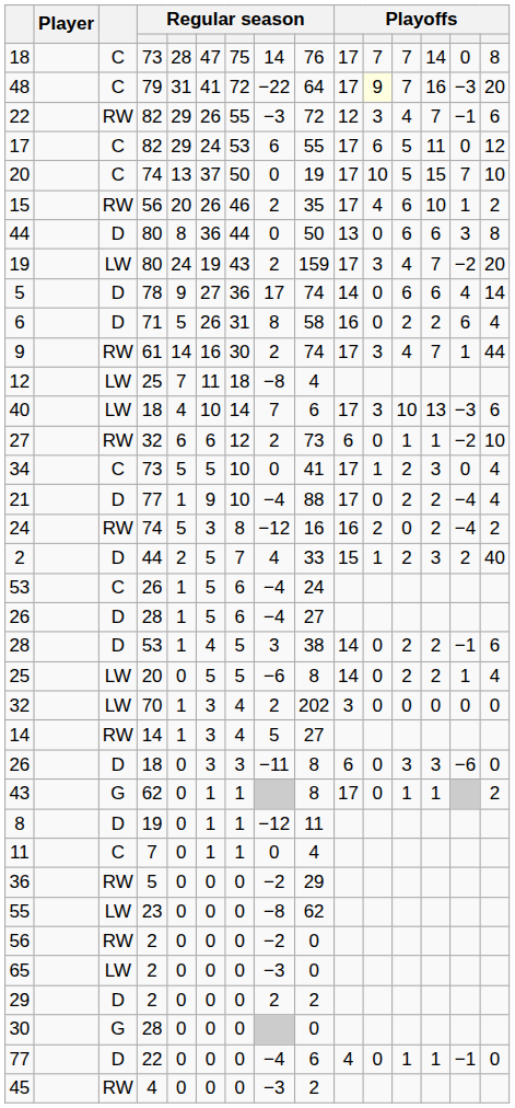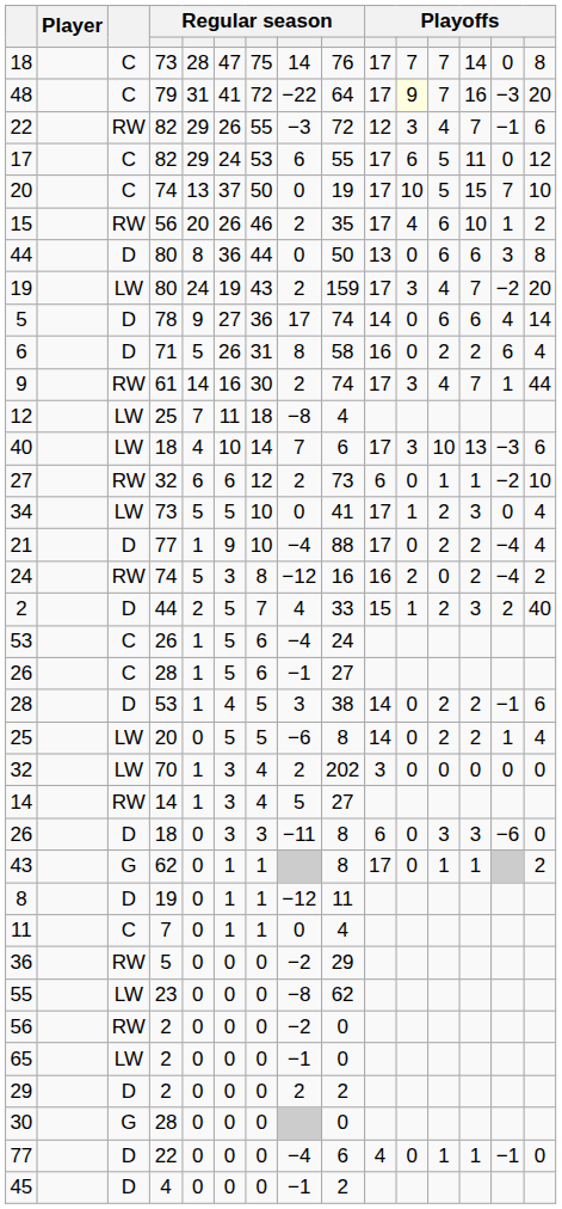 <table class="wikitable sortable plainrowheaders" style="text-align:center;">
 <tr>
 <th scope="col" data-sort-type="number" rowspan="2"></th>
 <th scope="col" rowspan="2">Player</th>
 <th scope="col" rowspan="2"></th>
 <th scope=colgroup colspan=6>Regular season</th>
 <th scope=colgroup colspan=6>Playoffs</th>
 </tr>
 <tr>
 <th scope="col" data-sort-type="number"></th>
 <th scope="col" data-sort-type="number"></th>
 <th scope="col" data-sort-type="number"></th>
 <th scope="col" data-sort-type="number"></th>
 <th scope="col" data-sort-type="number"></th>
 <th scope="col" data-sort-type="number"></th>
 <th scope="col" data-sort-type="number"></th>
 <th scope="col" data-sort-type="number"></th>
 <th scope="col" data-sort-type="number"></th>
 <th scope="col" data-sort-type="number"></th>
 <th scope="col" data-sort-type="number"></th>
 <th scope="col" data-sort-type="number"></th>
 </tr>
 <tr>
 <td scope="row">18</td>
 <td align="left"></td>
 <td>C</td>
 <td>73</td>
 <td>28</td>
 <td>47</td>
 <td>75</td>
 <td>14</td>
 <td>76</td>
 <td>17</td>
 <td>7</td>
 <td>7</td>
 <td>14</td>
 <td>0</td>
 <td>8</td>
 </tr>
 <tr>
 <td scope="row">48</td>
 <td align="left"></td>
 <td>C</td>
 <td>79</td>
 <td>31</td>
 <td>41</td>
 <td>72</td>
 <td>−22</td>
 <td>64</td>
 <td>17</td>
 <td style="background: lightyellow;">9</td>
 <td>7</td>
 <td>16</td>
 <td>−3</td>
 <td>20</td>
 </tr>
 <tr>
 <td scope="row">22</td>
 <td align="left"></td>
 <td>RW</td>
 <td>82</td>
 <td>29</td>
 <td>26</td>
 <td>55</td>
 <td>−3</td>
 <td>72</td>
 <td>12</td>
 <td>3</td>
 <td>4</td>
 <td>7</td>
 <td>−1</td>
 <td>6</td>
 </tr>
 <tr>
 <td scope="row">17</td>
 <td align="left"></td>
 <td>C</td>
 <td>82</td>
 <td>29</td>
 <td>24</td>
 <td>53</td>
 <td>6</td>
 <td>55</td>
 <td>17</td>
 <td>6</td>
 <td>5</td>
 <td>11</td>
 <td>0</td>
 <td>12</td>
 </tr>
 <tr>
 <td scope="row">20</td>
 <td align="left"></td>
 <td>C</td>
 <td>74</td>
 <td>13</td>
 <td>37</td>
 <td>50</td>
 <td>0</td>
 <td>19</td>
 <td>17</td>
 <td>10</td>
 <td>5</td>
 <td>15</td>
 <td>7</td>
 <td>10</td>
 </tr>
 <tr>
 <td scope="row">15</td>
 <td align="left"></td>
 <td>RW</td>
 <td>56</td>
 <td>20</td>
 <td>26</td>
 <td>46</td>
 <td>2</td>
 <td>35</td>
 <td>17</td>
 <td>4</td>
 <td>6</td>
 <td>10</td>
 <td>1</td>
 <td>2</td>
 </tr>
 <tr>
 <td scope="row">44</td>
 <td align="left"></td>
 <td>D</td>
 <td>80</td>
 <td>8</td>
 <td>36</td>
 <td>44</td>
 <td>0</td>
 <td>50</td>
 <td>13</td>
 <td>0</td>
 <td>6</td>
 <td>6</td>
 <td>3</td>
 <td>8</td>
 </tr>
 <tr>
 <td scope="row">19</td>
 <td align="left"></td>
 <td>LW</td>
 <td>80</td>
 <td>24</td>
 <td>19</td>
 <td>43</td>
 <td>2</td>
 <td>159</td>
 <td>17</td>
 <td>3</td>
 <td>4</td>
 <td>7</td>
 <td>−2</td>
 <td>20</td>
 </tr>
 <tr>
 <td scope="row">5</td>
 <td align="left"></td>
 <td>D</td>
 <td>78</td>
 <td>9</td>
 <td>27</td>
 <td>36</td>
 <td>17</td>
 <td>74</td>
 <td>14</td>
 <td>0</td>
 <td>6</td>
 <td>6</td>
 <td>4</td>
 <td>14</td>
 </tr>
 <tr>
 <td scope="row">6</td>
 <td align="left"></td>
 <td>D</td>
 <td>71</td>
 <td>5</td>
 <td>26</td>
 <td>31</td>
 <td>8</td>
 <td>58</td>
 <td>16</td>
 <td>0</td>
 <td>2</td>
 <td>2</td>
 <td>6</td>
 <td>4</td>
 </tr>
 <tr>
 <td scope="row">9</td>
 <td align="left"></td>
 <td>RW</td>
 <td>61</td>
 <td>14</td>
 <td>16</td>
 <td>30</td>
 <td>2</td>
 <td>74</td>
 <td>17</td>
 <td>3</td>
 <td>4</td>
 <td>7</td>
 <td>1</td>
 <td>44</td>
 </tr>
 <tr>
 <td scope="row">12</td>
 <td align="left"></td>
 <td>LW</td>
 <td>25</td>
 <td>7</td>
 <td>11</td>
 <td>18</td>
 <td>−8</td>
 <td>4</td>
 <td></td>
 <td></td>
 <td></td>
 <td></td>
 <td></td>
 <td></td>
 </tr>
 <tr>
 <td scope="row">40</td>
 <td align="left"></td>
 <td>LW</td>
 <td>18</td>
 <td>4</td>
 <td>10</td>
 <td>14</td>
 <td>7</td>
 <td>6</td>
 <td>17</td>
 <td>3</td>
 <td>10</td>
 <td>13</td>
 <td>−3</td>
 <td>6</td>
 </tr>
 <tr>
 <td scope="row">27</td>
 <td align="left"></td>
 <td>RW</td>
 <td>32</td>
 <td>6</td>
 <td>6</td>
 <td>12</td>
 <td>2</td>
 <td>73</td>
 <td>6</td>
 <td>0</td>
 <td>1</td>
 <td>1</td>
 <td>−2</td>
 <td>10</td>
 </tr>
 <tr>
 <td scope="row">34</td>
 <td align="left"></td>
-<td>C</td>
+<td>LW</td>
 <td>73</td>
 <td>5</td>
 <td>5</td>
 <td>10</td>
 <td>0</td>
 <td>41</td>
 <td>17</td>
 <td>1</td>
 <td>2</td>
 <td>3</td>
 <td>0</td>
 <td>4</td>
 </tr>
 <tr>
 <td scope="row">21</td>
 <td align="left"></td>
 <td>D</td>
 <td>77</td>
 <td>1</td>
 <td>9</td>
 <td>10</td>
 <td>−4</td>
 <td>88</td>
 <td>17</td>
 <td>0</td>
 <td>2</td>
 <td>2</td>
 <td>−4</td>
 <td>4</td>
 </tr>
 <tr>
 <td scope="row">24</td>
 <td align="left"></td>
 <td>RW</td>
 <td>74</td>
 <td>5</td>
 <td>3</td>
 <td>8</td>
 <td>−12</td>
 <td>16</td>
 <td>16</td>
 <td>2</td>
 <td>0</td>
 <td>2</td>
 <td>−4</td>
 <td>2</td>
 </tr>
 <tr>
 <td scope="row">2</td>
 <td align="left"></td>
 <td>D</td>
 <td>44</td>
 <td>2</td>
 <td>5</td>
 <td>7</td>
 <td>4</td>
 <td>33</td>
 <td>15</td>
 <td>1</td>
 <td>2</td>
 <td>3</td>
 <td>2</td>
 <td>40</td>
 </tr>
 <tr>
 <td scope="row">53</td>
 <td align="left"></td>
 <td>C</td>
 <td>26</td>
 <td>1</td>
 <td>5</td>
 <td>6</td>
 <td>−4</td>
 <td>24</td>
 <td></td>
 <td></td>
 <td></td>
 <td></td>
 <td></td>
 <td></td>
 </tr>
 <tr>
 <td scope="row">26</td>
 <td align="left"></td>
-<td>D</td>
+<td>C</td>
 <td>28</td>
 <td>1</td>
 <td>5</td>
 <td>6</td>
-<td>−4</td>
+<td>−1</td>
 <td>27</td>
 <td></td>
 <td></td>
 <td></td>
 <td></td>
 <td></td>
 <td></td>
 </tr>
 <tr>
 <td scope="row">28</td>
 <td align="left"></td>
 <td>D</td>
 <td>53</td>
 <td>1</td>
 <td>4</td>
 <td>5</td>
 <td>3</td>
 <td>38</td>
 <td>14</td>
 <td>0</td>
 <td>2</td>
 <td>2</td>
 <td>−1</td>
 <td>6</td>
 </tr>
 <tr>
 <td scope="row">25</td>
 <td align="left"></td>
 <td>LW</td>
 <td>20</td>
 <td>0</td>
 <td>5</td>
 <td>5</td>
 <td>−6</td>
 <td>8</td>
 <td>14</td>
 <td>0</td>
 <td>2</td>
 <td>2</td>
 <td>1</td>
 <td>4</td>
 </tr>
 <tr>
 <td scope="row">32</td>
 <td align="left"></td>
 <td>LW</td>
 <td>70</td>
 <td>1</td>
 <td>3</td>
 <td>4</td>
 <td>2</td>
 <td>202</td>
 <td>3</td>
 <td>0</td>
 <td>0</td>
 <td>0</td>
 <td>0</td>
 <td>0</td>
 </tr>
 <tr>
 <td scope="row">14</td>
 <td align="left"></td>
 <td>RW</td>
 <td>14</td>
 <td>1</td>
 <td>3</td>
 <td>4</td>
 <td>5</td>
 <td>27</td>
 <td></td>
 <td></td>
 <td></td>
 <td></td>
 <td></td>
 <td></td>
 </tr>
 <tr>
 <td scope="row">26</td>
 <td align="left"></td>
 <td>D</td>
 <td>18</td>
 <td>0</td>
 <td>3</td>
 <td>3</td>
 <td>−11</td>
 <td>8</td>
 <td>6</td>
 <td>0</td>
 <td>3</td>
 <td>3</td>
 <td>−6</td>
 <td>0</td>
 </tr>
 <tr>
 <td scope="row">43</td>
 <td align="left"></td>
 <td>G</td>
 <td>62</td>
 <td>0</td>
 <td>1</td>
 <td>1</td>
 <td style="background:#ccc"></td>
 <td>8</td>
 <td>17</td>
 <td>0</td>
 <td>1</td>
 <td>1</td>
 <td style="background:#ccc"></td>
 <td>2</td>
 </tr>
 <tr>
 <td scope="row">8</td>
 <td align="left"></td>
 <td>D</td>
 <td>19</td>
 <td>0</td>
 <td>1</td>
 <td>1</td>
 <td>−12</td>
 <td>11</td>
 <td></td>
 <td></td>
 <td></td>
 <td></td>
 <td></td>
 <td></td>
 </tr>
 <tr>
 <td scope="row">11</td>
 <td align="left"></td>
 <td>C</td>
 <td>7</td>
 <td>0</td>
 <td>1</td>
 <td>1</td>
 <td>0</td>
 <td>4</td>
 <td></td>
 <td></td>
 <td></td>
 <td></td>
 <td></td>
 <td></td>
 </tr>
 <tr>
 <td scope="row">36</td>
 <td align="left"></td>
 <td>RW</td>
 <td>5</td>
 <td>0</td>
 <td>0</td>
 <td>0</td>
 <td>−2</td>
 <td>29</td>
 <td></td>
 <td></td>
 <td></td>
 <td></td>
 <td></td>
 <td></td>
 </tr>
 <tr>
 <td scope="row">55</td>
 <td align="left"></td>
 <td>LW</td>
 <td>23</td>
 <td>0</td>
 <td>0</td>
 <td>0</td>
 <td>−8</td>
 <td>62</td>
 <td></td>
 <td></td>
 <td></td>
 <td></td>
 <td></td>
 <td></td>
 </tr>
 <tr>
 <td scope="row">56</td>
 <td align="left"></td>
 <td>RW</td>
 <td>2</td>
 <td>0</td>
 <td>0</td>
 <td>0</td>
 <td>−2</td>
 <td>0</td>
 <td></td>
 <td></td>
 <td></td>
 <td></td>
 <td></td>
 <td></td>
 </tr>
 <tr>
 <td scope="row">65</td>
 <td align="left"></td>
 <td>LW</td>
 <td>2</td>
 <td>0</td>
 <td>0</td>
 <td>0</td>
-<td>−3</td>
+<td>−1</td>
 <td>0</td>
 <td></td>
 <td></td>
 <td></td>
 <td></td>
 <td></td>
 <td></td>
 </tr>
 <tr>
 <td scope="row">29</td>
 <td align="left"></td>
 <td>D</td>
 <td>2</td>
 <td>0</td>
 <td>0</td>
 <td>0</td>
 <td>2</td>
 <td>2</td>
 <td></td>
 <td></td>
 <td></td>
 <td></td>
 <td></td>
 <td></td>
 </tr>
 <tr>
 <td scope="row">30</td>
 <td align="left"></td>
 <td>G</td>
 <td>28</td>
 <td>0</td>
 <td>0</td>
 <td>0</td>
 <td style="background:#ccc"></td>
 <td>0</td>
 <td></td>
 <td></td>
 <td></td>
 <td></td>
 <td></td>
 <td></td>
 </tr>
 <tr>
 <td scope="row">77</td>
 <td align="left"></td>
 <td>D</td>
 <td>22</td>
 <td>0</td>
 <td>0</td>
 <td>0</td>
 <td>−4</td>
 <td>6</td>
 <td>4</td>
 <td>0</td>
 <td>1</td>
 <td>1</td>
 <td>−1</td>
 <td>0</td>
 </tr>
 <tr>
 <td scope="row">45</td>
 <td align="left"></td>
-<td>RW</td>
+<td>D</td>
 <td>4</td>
 <td>0</td>
 <td>0</td>
 <td>0</td>
-<td>−3</td>
+<td>−1</td>
 <td>2</td>
 <td></td>
 <td></td>
 <td></td>
 <td></td>
 <td></td>
 <td></td>
 </tr>
 </table>
